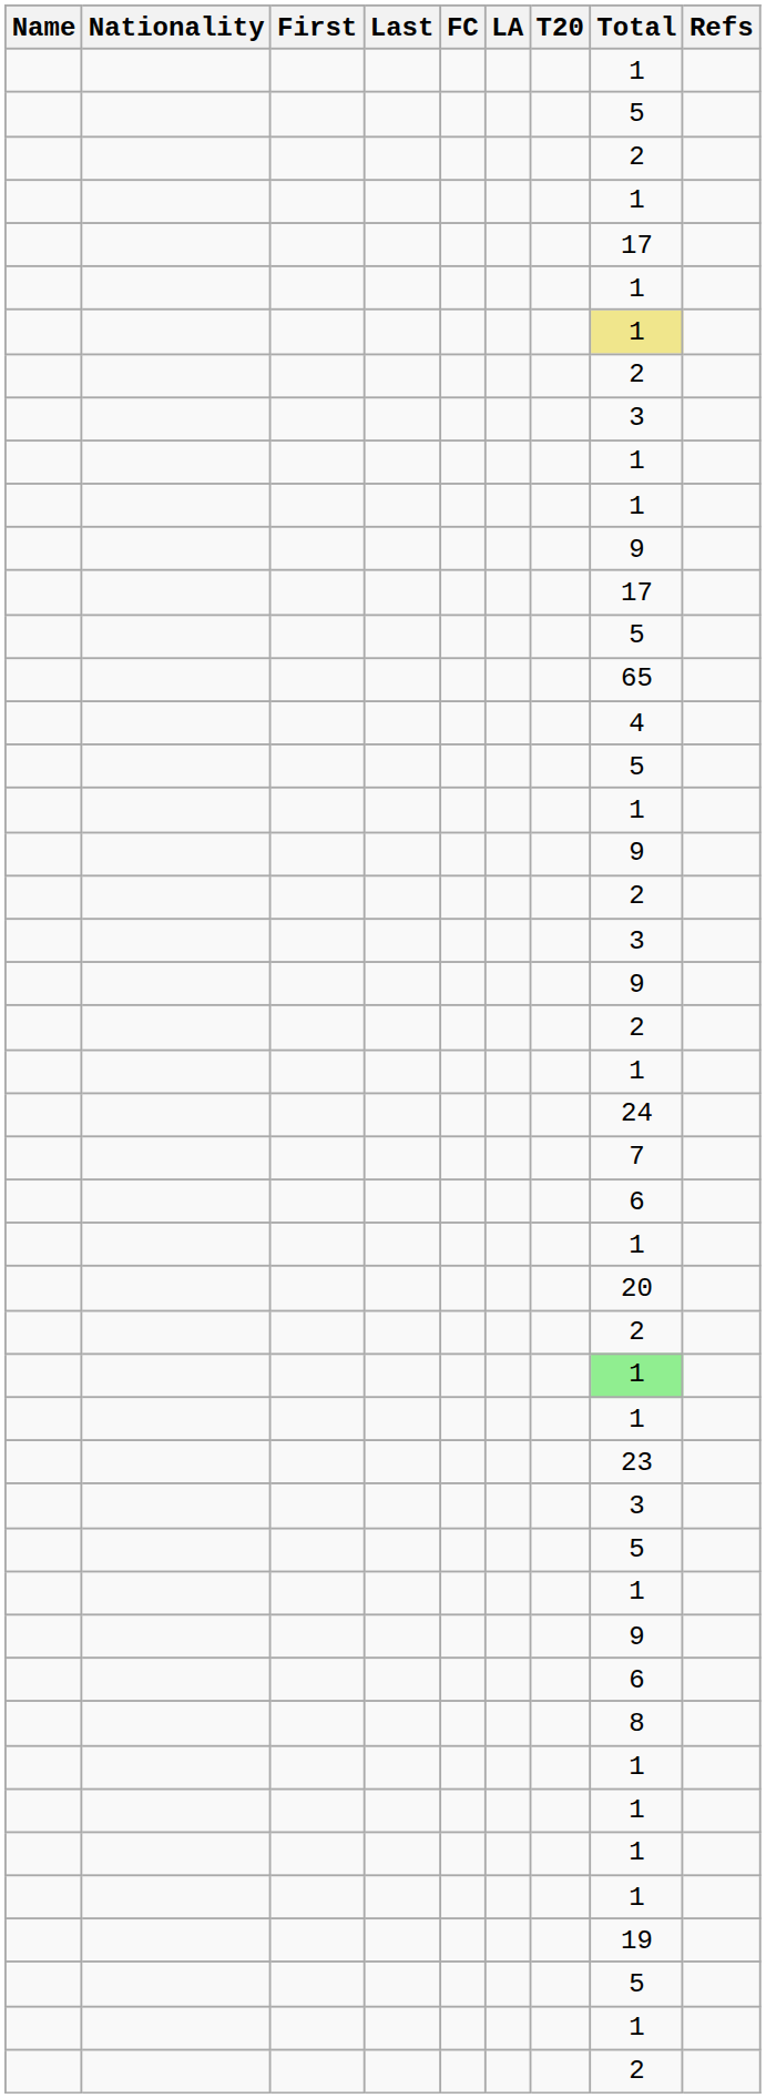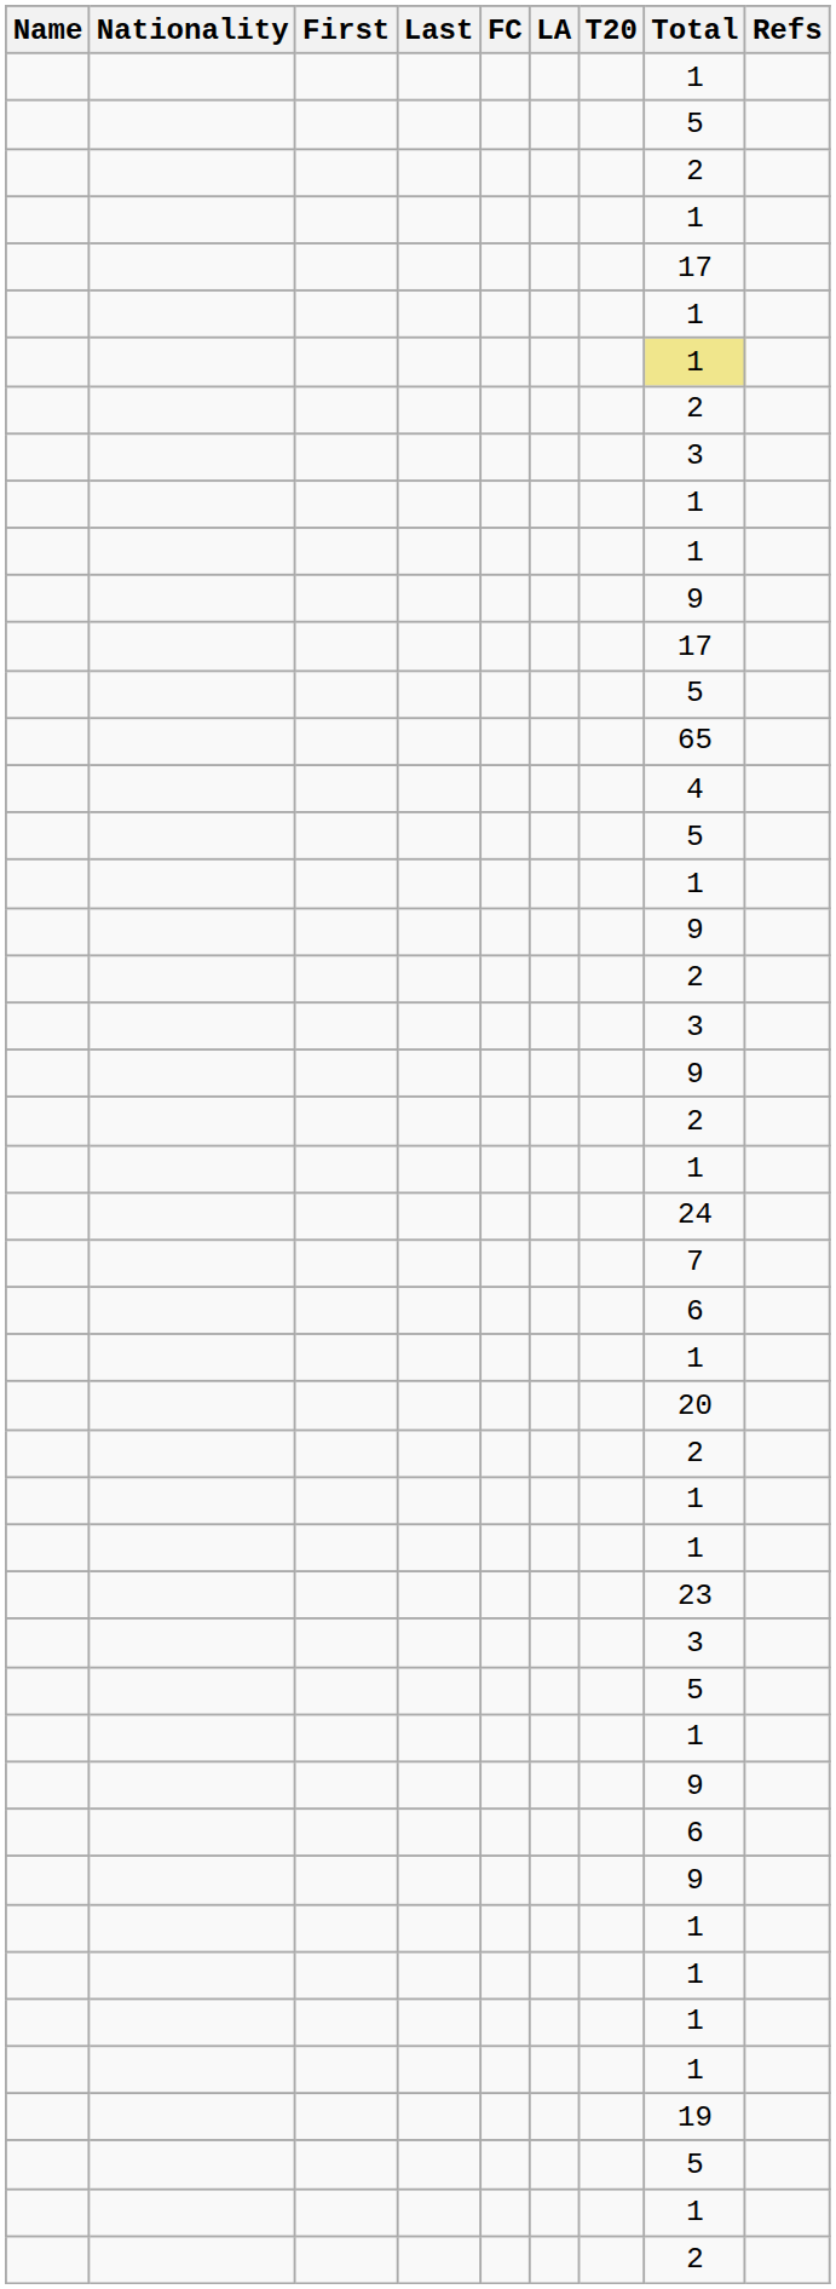 <table class="wikitable sortable" style="text-align: center;">
 <tr>
 <th>Name</th>
 <th>Nationality</th>
 <th>First</th>
 <th>Last</th>
 <th>FC</th>
 <th>LA</th>
 <th>T20</th>
 <th>Total</th>
 <th class="unsortable">Refs</th>
 </tr>
 <tr>
 <td align="left"></td>
 <td></td>
 <td></td>
 <td></td>
 <td></td>
 <td></td>
 <td></td>
 <td>1</td>
 <td></td>
 </tr>
 <tr>
 <td align="left"></td>
 <td></td>
 <td></td>
 <td></td>
 <td></td>
 <td></td>
 <td></td>
 <td>5</td>
 <td></td>
 </tr>
 <tr>
 <td align="left"></td>
 <td></td>
 <td></td>
 <td></td>
 <td></td>
 <td></td>
 <td></td>
 <td>2</td>
 <td></td>
 </tr>
 <tr>
 <td align="left"></td>
 <td></td>
 <td></td>
 <td></td>
 <td></td>
 <td></td>
 <td></td>
 <td>1</td>
 <td></td>
 </tr>
 <tr>
 <td align="left"></td>
 <td></td>
 <td></td>
 <td></td>
 <td></td>
 <td></td>
 <td></td>
 <td>17</td>
 <td></td>
 </tr>
 <tr>
 <td align="left"></td>
 <td></td>
 <td></td>
 <td></td>
 <td></td>
 <td></td>
 <td></td>
 <td>1</td>
 <td></td>
 </tr>
 <tr>
 <td align="left"></td>
 <td></td>
 <td></td>
 <td></td>
 <td></td>
 <td></td>
 <td></td>
 <td style="background: khaki;">1</td>
 <td></td>
 </tr>
 <tr>
 <td align="left"></td>
 <td></td>
 <td></td>
 <td></td>
 <td></td>
 <td></td>
 <td></td>
 <td>2</td>
 <td></td>
 </tr>
 <tr>
 <td align="left"></td>
 <td></td>
 <td></td>
 <td></td>
 <td></td>
 <td></td>
 <td></td>
 <td>3</td>
 <td></td>
 </tr>
 <tr>
 <td align="left"></td>
 <td></td>
 <td></td>
 <td></td>
 <td></td>
 <td></td>
 <td></td>
 <td>1</td>
 <td></td>
 </tr>
 <tr>
 <td align="left"></td>
 <td></td>
 <td></td>
 <td></td>
 <td></td>
 <td></td>
 <td></td>
 <td>1</td>
 <td></td>
 </tr>
 <tr>
 <td align="left"></td>
 <td></td>
 <td></td>
 <td></td>
 <td></td>
 <td></td>
 <td></td>
 <td>9</td>
 <td></td>
 </tr>
 <tr>
 <td align="left"></td>
 <td></td>
 <td></td>
 <td></td>
 <td></td>
 <td></td>
 <td></td>
 <td>17</td>
 <td></td>
 </tr>
 <tr>
 <td align="left"></td>
 <td></td>
 <td></td>
 <td></td>
 <td></td>
 <td></td>
 <td></td>
 <td>5</td>
 <td></td>
 </tr>
 <tr>
 <td align="left"></td>
 <td></td>
 <td></td>
 <td></td>
 <td></td>
 <td></td>
 <td></td>
 <td>65</td>
 <td></td>
 </tr>
 <tr>
 <td align="left"></td>
 <td></td>
 <td></td>
 <td></td>
 <td></td>
 <td></td>
 <td></td>
 <td>4</td>
 <td></td>
 </tr>
 <tr>
 <td align="left"></td>
 <td></td>
 <td></td>
 <td></td>
 <td></td>
 <td></td>
 <td></td>
 <td>5</td>
 <td></td>
 </tr>
 <tr>
 <td align="left"></td>
 <td></td>
 <td></td>
 <td></td>
 <td></td>
 <td></td>
 <td></td>
 <td>1</td>
 <td></td>
 </tr>
 <tr>
 <td align="left"></td>
 <td></td>
 <td></td>
 <td></td>
 <td></td>
 <td></td>
 <td></td>
 <td>9</td>
 <td></td>
 </tr>
 <tr>
 <td align="left"></td>
 <td></td>
 <td></td>
 <td></td>
 <td></td>
 <td></td>
 <td></td>
 <td>2</td>
 <td></td>
 </tr>
 <tr>
 <td align="left"></td>
 <td></td>
 <td></td>
 <td></td>
 <td></td>
 <td></td>
 <td></td>
 <td>3</td>
 <td></td>
 </tr>
 <tr>
 <td align="left"></td>
 <td></td>
 <td></td>
 <td></td>
 <td></td>
 <td></td>
 <td></td>
 <td>9</td>
 <td></td>
 </tr>
 <tr>
 <td align="left"></td>
 <td></td>
 <td></td>
 <td></td>
 <td></td>
 <td></td>
 <td></td>
 <td>2</td>
 <td></td>
 </tr>
 <tr>
 <td align="left"></td>
 <td></td>
 <td></td>
 <td></td>
 <td></td>
 <td></td>
 <td></td>
 <td>1</td>
 <td></td>
 </tr>
 <tr>
 <td align="left"></td>
 <td></td>
 <td></td>
 <td></td>
 <td></td>
 <td></td>
 <td></td>
 <td>24</td>
 <td></td>
 </tr>
 <tr>
 <td align="left"></td>
 <td></td>
 <td></td>
 <td></td>
 <td></td>
 <td></td>
 <td></td>
 <td>7</td>
 <td></td>
 </tr>
 <tr>
 <td align="left"></td>
 <td></td>
 <td></td>
 <td></td>
 <td></td>
 <td></td>
 <td></td>
 <td>6</td>
 <td></td>
 </tr>
 <tr>
 <td align="left"></td>
 <td></td>
 <td></td>
 <td></td>
 <td></td>
 <td></td>
 <td></td>
 <td>1</td>
 <td></td>
 </tr>
 <tr>
 <td align="left"></td>
 <td></td>
 <td></td>
 <td></td>
 <td></td>
 <td></td>
 <td></td>
 <td>20</td>
 <td></td>
 </tr>
 <tr>
 <td align="left"></td>
 <td></td>
 <td></td>
 <td></td>
 <td></td>
 <td></td>
 <td></td>
 <td>2</td>
 <td></td>
 </tr>
 <tr>
 <td align="left"></td>
 <td></td>
 <td></td>
 <td></td>
 <td></td>
 <td></td>
 <td></td>
-<td style="background: lightgreen;">1</td>
+<td>1</td>
 <td></td>
 </tr>
 <tr>
 <td align="left"></td>
 <td></td>
 <td></td>
 <td></td>
 <td></td>
 <td></td>
 <td></td>
 <td>1</td>
 <td></td>
 </tr>
 <tr>
 <td align="left"></td>
 <td></td>
 <td></td>
 <td></td>
 <td></td>
 <td></td>
 <td></td>
 <td>23</td>
 <td></td>
 </tr>
 <tr>
 <td align="left"></td>
 <td></td>
 <td></td>
 <td></td>
 <td></td>
 <td></td>
 <td></td>
 <td>3</td>
 <td></td>
 </tr>
 <tr>
 <td align="left"></td>
 <td></td>
 <td></td>
 <td></td>
 <td></td>
 <td></td>
 <td></td>
 <td>5</td>
 <td></td>
 </tr>
 <tr>
 <td align="left"></td>
 <td></td>
 <td></td>
 <td></td>
 <td></td>
 <td></td>
 <td></td>
 <td>1</td>
 <td></td>
 </tr>
 <tr>
 <td align="left"></td>
 <td></td>
 <td></td>
 <td></td>
 <td></td>
 <td></td>
 <td></td>
 <td>9</td>
 <td></td>
 </tr>
 <tr>
 <td align="left"></td>
 <td></td>
 <td></td>
 <td></td>
 <td></td>
 <td></td>
 <td></td>
 <td>6</td>
 <td></td>
 </tr>
 <tr>
 <td align="left"></td>
 <td></td>
 <td></td>
 <td></td>
 <td></td>
 <td></td>
 <td></td>
-<td>8</td>
+<td>9</td>
 <td></td>
 </tr>
 <tr>
 <td align="left"></td>
 <td></td>
 <td></td>
 <td></td>
 <td></td>
 <td></td>
 <td></td>
 <td>1</td>
 <td></td>
 </tr>
 <tr>
 <td align="left"></td>
 <td></td>
 <td></td>
 <td></td>
 <td></td>
 <td></td>
 <td></td>
 <td>1</td>
 <td></td>
 </tr>
 <tr>
 <td align="left"></td>
 <td></td>
 <td></td>
 <td></td>
 <td></td>
 <td></td>
 <td></td>
 <td>1</td>
 <td></td>
 </tr>
 <tr>
 <td align="left"></td>
 <td></td>
 <td></td>
 <td></td>
 <td></td>
 <td></td>
 <td></td>
 <td>1</td>
 <td></td>
 </tr>
 <tr>
 <td align="left"></td>
 <td></td>
 <td></td>
 <td></td>
 <td></td>
 <td></td>
 <td></td>
 <td>19</td>
 <td></td>
 </tr>
 <tr>
 <td align="left"></td>
 <td></td>
 <td></td>
 <td></td>
 <td></td>
 <td></td>
 <td></td>
 <td>5</td>
 <td></td>
 </tr>
 <tr>
 <td align="left"></td>
 <td></td>
 <td></td>
 <td></td>
 <td></td>
 <td></td>
 <td></td>
 <td>1</td>
 <td></td>
 </tr>
 <tr>
 <td align="left"></td>
 <td></td>
 <td></td>
 <td></td>
 <td></td>
 <td></td>
 <td></td>
 <td>2</td>
 <td></td>
 </tr>
 </table>
